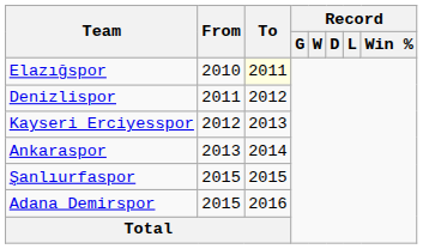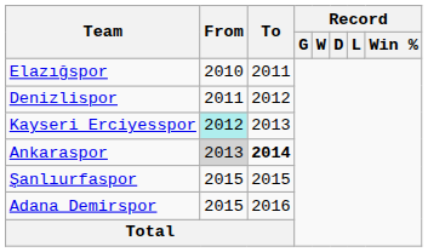 <table class="wikitable" style="text-align: center">
 <tr>
 <th rowspan="2">Team</th>
 <th rowspan="2">From</th>
 <th rowspan="2">To</th>
 <th colspan="5">Record</th>
 </tr>
 <tr>
 <th>G</th>
 <th>W</th>
 <th>D</th>
 <th>L</th>
 <th>Win %</th>
 </tr>
 <tr>
 <td align=left><a href='#'>Elazığspor</a></td>
 <td align=left>2010</td>
-<td align=left style="background: lightyellow;">2011<br></td>
+<td align=left>2011<br></td>
 </tr>
 <tr>
 <td align=left><a href='#'>Denizlispor</a></td>
 <td align=left>2011</td>
 <td align=left>2012<br></td>
 </tr>
 <tr>
 <td align=left><a href='#'>Kayseri Erciyesspor</a></td>
-<td align=left>2012</td>
+<td align=left style="background: paleturquoise;">2012</td>
 <td align=left>2013<br></td>
 </tr>
 <tr>
 <td align=left><a href='#'>Ankaraspor</a></td>
-<td align=left>2013</td>
-<td align=left>2014<br></td>
+<td align=left style="background: lightgrey;">2013</td>
+<td align=left><strong>2014<br></strong></td>
 </tr>
 <tr>
 <td align=left><a href='#'>Şanlıurfaspor</a></td>
 <td align=left>2015</td>
 <td align=left>2015<br></td>
 </tr>
 <tr>
 <td align=left><a href='#'>Adana Demirspor</a></td>
 <td align=left>2015</td>
 <td align=left>2016<br></td>
 </tr>
 <tr>
 <th colspan="3">Total<br></th>
 </tr>
 </table>
